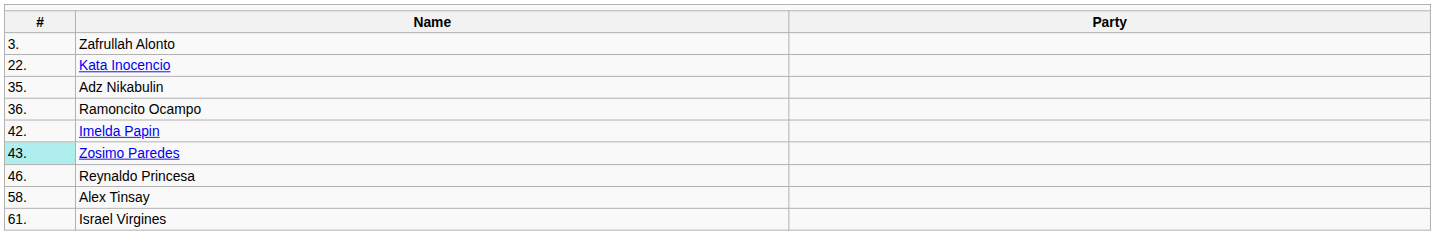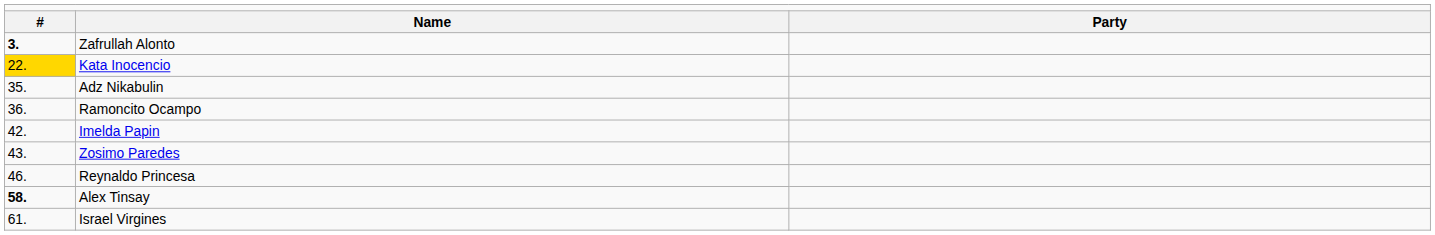 <table class=wikitable width=99% style="font-size:95%">
 <tr>
 <td colspan=4 bgcolor=></td>
 </tr>
 <tr>
 <th width=5%>#</th>
 <th width=50%>Name</th>
 <th colspan=2>Party</th>
 </tr>
 <tr>
-<td>3.</td>
+<td><strong>3.</strong></td>
 <td>Zafrullah Alonto</td>
 <td></td>
 </tr>
 <tr>
-<td>22.</td>
+<td style="background: gold;">22.</td>
 <td><a href='#'>Kata Inocencio</a></td>
 <td></td>
 </tr>
 <tr>
 <td>35.</td>
 <td>Adz Nikabulin</td>
 <td></td>
 </tr>
 <tr>
 <td>36.</td>
 <td>Ramoncito Ocampo</td>
 <td></td>
 </tr>
 <tr>
 <td>42.</td>
 <td><a href='#'>Imelda Papin</a></td>
 <td></td>
 </tr>
 <tr>
-<td style="background: paleturquoise;">43.</td>
+<td>43.</td>
 <td><a href='#'>Zosimo Paredes</a></td>
 <td></td>
 </tr>
 <tr>
 <td>46.</td>
 <td>Reynaldo Princesa</td>
 <td></td>
 </tr>
 <tr>
-<td>58.</td>
+<td><strong>58.</strong></td>
 <td>Alex Tinsay</td>
 <td></td>
 </tr>
 <tr>
 <td>61.</td>
 <td>Israel Virgines</td>
 <td></td>
 </tr>
 </table>
